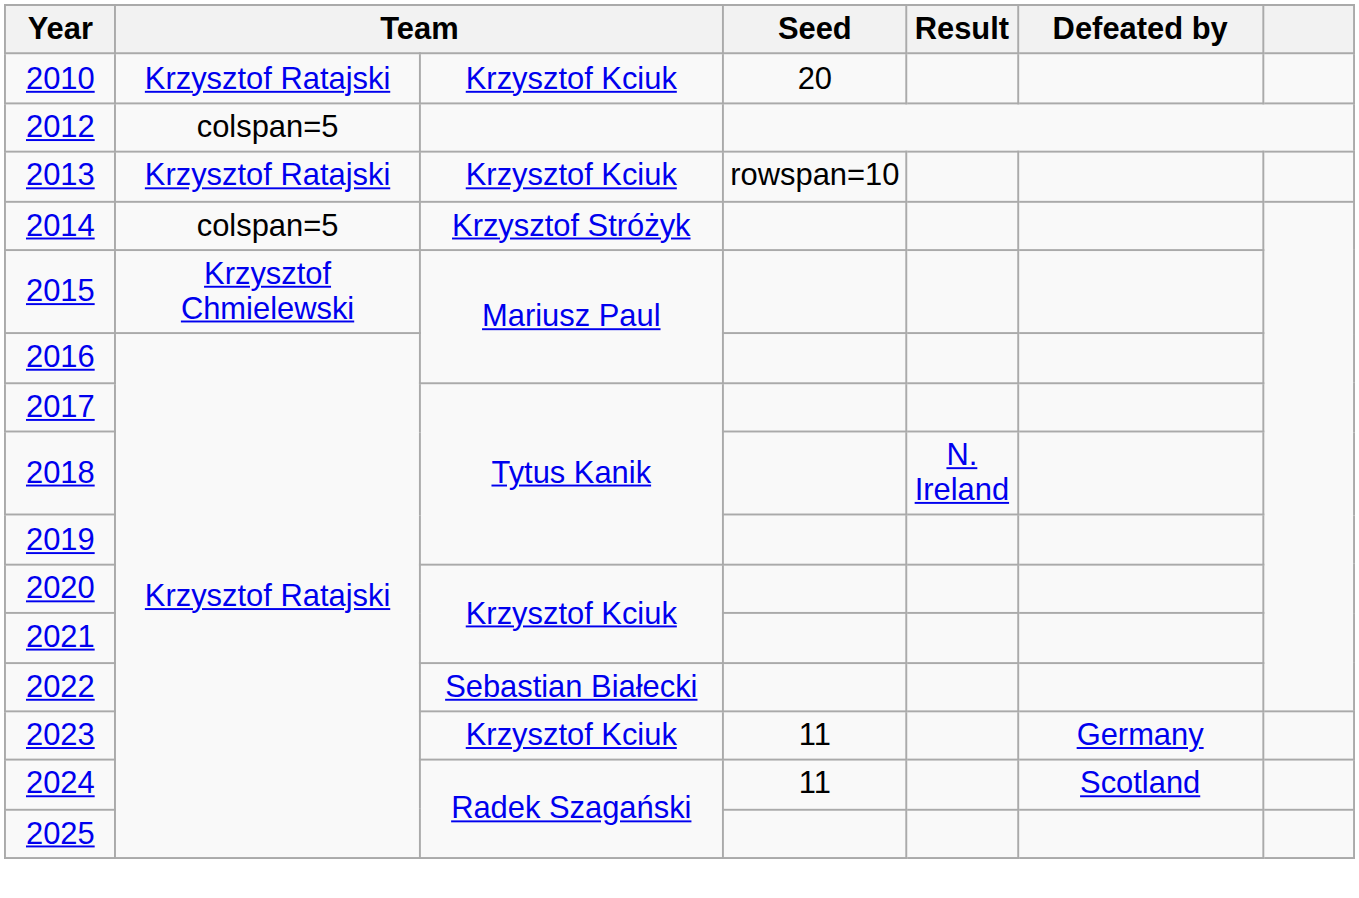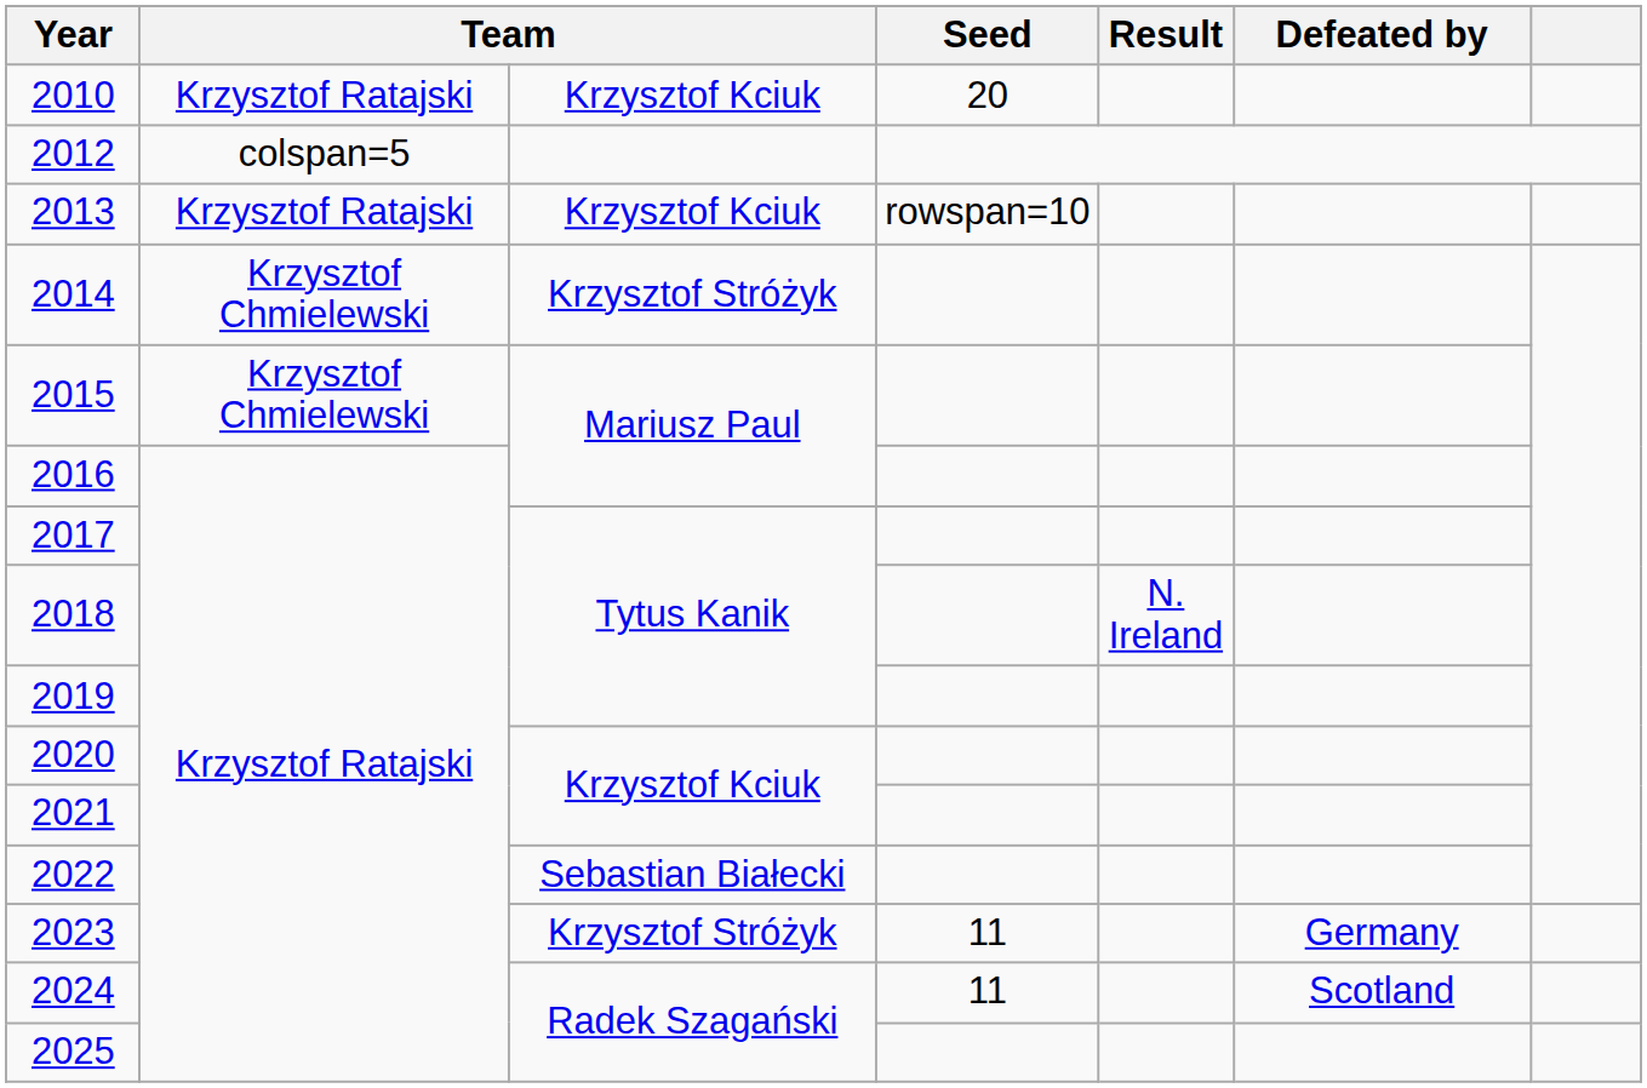 <table class="wikitable" style="text-align: center;">
 <tr style= "background: #e2e2e2;">
 </tr>
 <tr style="background: #efefef;">
 <th width=50px>Year</th>
 <th colspan="2">Team</th>
 <th width=50px>Seed</th>
 <th width=50px>Result</th>
 <th width=120px>Defeated by</th>
 <th width=40px></th>
 </tr>
 <tr>
 <td><a href='#'>2010</a></td>
 <td width=150px><a href='#'>Krzysztof Ratajski</a></td>
 <td width=150px><a href='#'>Krzysztof Kciuk</a></td>
 <td>20</td>
 <td></td>
 <td> </td>
 <td></td>
 </tr>
 <tr>
 <td><a href='#'>2012</a></td>
 <td>colspan=5 </td>
 <td></td>
 </tr>
 <tr>
 <td><a href='#'>2013</a></td>
 <td><a href='#'>Krzysztof Ratajski</a></td>
 <td><a href='#'>Krzysztof Kciuk</a></td>
 <td>rowspan=10 </td>
 <td></td>
 <td> </td>
 <td></td>
 </tr>
 <tr>
 <td><a href='#'>2014</a></td>
-<td>colspan=5 </td>
+<td><a href='#'>Krzysztof Chmielewski</a></td>
 <td><a href='#'>Krzysztof Stróżyk</a></td>
 <td></td>
 <td> </td>
 <td></td>
 </tr>
 <tr>
 <td><a href='#'>2015</a></td>
 <td><a href='#'>Krzysztof Chmielewski</a></td>
 <td rowspan=2><a href='#'>Mariusz Paul</a></td>
 <td></td>
 <td> </td>
 <td></td>
 </tr>
 <tr>
 <td><a href='#'>2016</a></td>
 <td rowspan=10><a href='#'>Krzysztof Ratajski</a></td>
 <td></td>
 <td> </td>
 <td></td>
 </tr>
 <tr>
 <td><a href='#'>2017</a></td>
 <td rowspan=3><a href='#'>Tytus Kanik</a></td>
 <td></td>
 <td> </td>
 <td></td>
 </tr>
 <tr>
 <td><a href='#'>2018</a></td>
 <td></td>
 <td> <a href='#'>N. Ireland</a></td>
 <td></td>
 </tr>
 <tr>
 <td><a href='#'>2019</a></td>
 <td></td>
 <td> </td>
 <td></td>
 </tr>
 <tr>
 <td><a href='#'>2020</a></td>
 <td rowspan=2><a href='#'>Krzysztof Kciuk</a></td>
 <td></td>
 <td> </td>
 <td></td>
 </tr>
 <tr>
 <td><a href='#'>2021</a></td>
 <td></td>
 <td> </td>
 <td></td>
 </tr>
 <tr>
 <td><a href='#'>2022</a></td>
 <td><a href='#'>Sebastian Białecki</a></td>
 <td></td>
 <td> </td>
 <td></td>
 </tr>
 <tr>
 <td><a href='#'>2023</a></td>
-<td><a href='#'>Krzysztof Kciuk</a></td>
+<td><a href='#'>Krzysztof Stróżyk</a></td>
 <td>11</td>
 <td></td>
 <td> <a href='#'>Germany</a></td>
 <td></td>
 </tr>
 <tr>
 <td><a href='#'>2024</a></td>
 <td rowspan=2><a href='#'>Radek Szagański</a></td>
 <td>11</td>
 <td></td>
 <td> <a href='#'>Scotland</a></td>
 <td></td>
 </tr>
 <tr>
 <td><a href='#'>2025</a></td>
 <td></td>
 <td></td>
 <td></td>
 <td></td>
 </tr>
 </table>
